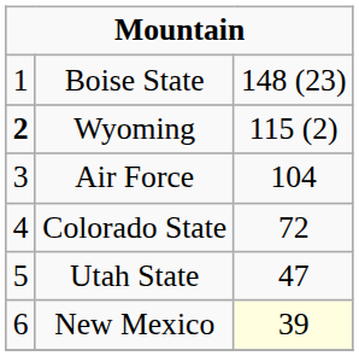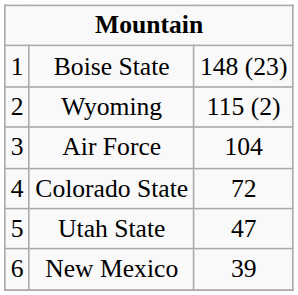 <table class="wikitable" style="display: inline-table">
 <tr align="center">
 <td align="center" Colspan="3"><strong>Mountain</strong><br></td>
 </tr>
 <tr align="center">
 <td>1</td>
 <td>Boise State</td>
 <td>148 (23)</td>
 </tr>
 <tr align="center">
-<td><strong>2</strong></td>
+<td>2</td>
 <td>Wyoming</td>
 <td>115 (2)</td>
 </tr>
 <tr align="center">
 <td>3</td>
 <td>Air Force</td>
 <td>104</td>
 </tr>
 <tr align="center">
 <td>4</td>
 <td>Colorado State</td>
 <td>72</td>
 </tr>
 <tr align="center">
 <td>5</td>
 <td>Utah State</td>
 <td>47</td>
 </tr>
 <tr align="center">
 <td>6</td>
 <td>New Mexico</td>
-<td style="background: lightyellow;">39</td>
+<td>39</td>
 </tr>
 <tr>
 </tr>
 </table>
